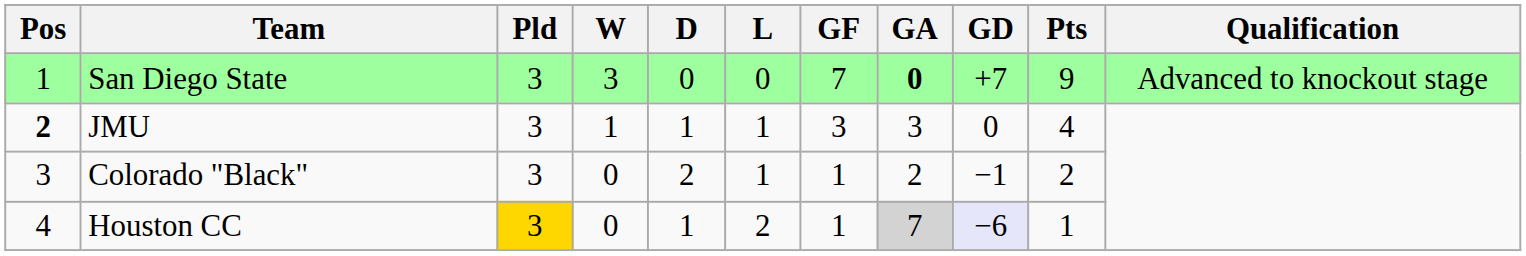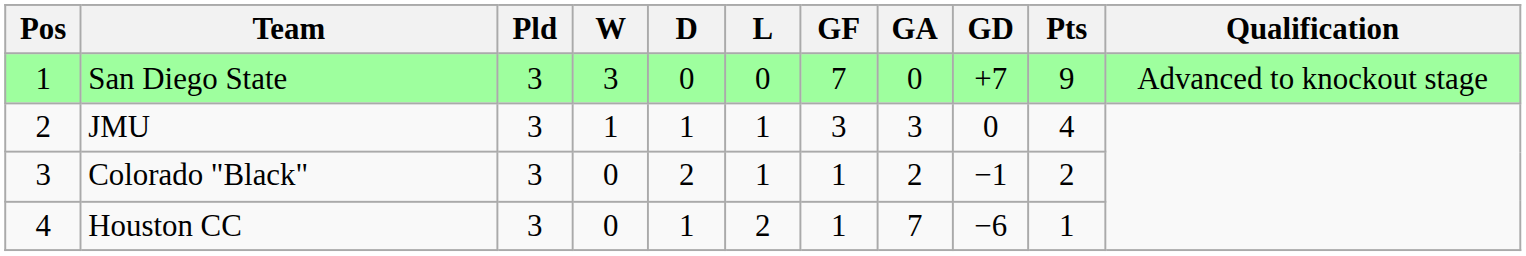 <table class="wikitable" style="text-align:center; margin: 1em auto">
 <tr>
 <th style="width:2em">Pos</th>
 <th style="width:13em">Team</th>
 <th style="width:2em">Pld</th>
 <th style="width:2em">W</th>
 <th style="width:2em">D</th>
 <th style="width:2em">L</th>
 <th style="width:2em">GF</th>
 <th style="width:2em">GA</th>
 <th style="width:2em">GD</th>
 <th style="width:2em">Pts</th>
 <th style="width:13em">Qualification</th>
 </tr>
 <tr bgcolor="#9eff9e">
 <td>1</td>
 <td style="text-align:left">San Diego State</td>
 <td>3</td>
 <td>3</td>
 <td>0</td>
 <td>0</td>
 <td>7</td>
-<td><strong>0</strong></td>
+<td>0</td>
 <td>+7</td>
 <td>9</td>
 <td>Advanced to knockout stage</td>
 </tr>
 <tr>
-<td><strong>2</strong></td>
+<td>2</td>
 <td style="text-align:left">JMU</td>
 <td>3</td>
 <td>1</td>
 <td>1</td>
 <td>1</td>
 <td>3</td>
 <td>3</td>
 <td>0</td>
 <td>4</td>
 </tr>
 <tr>
 <td>3</td>
 <td style="text-align:left">Colorado "Black"</td>
 <td>3</td>
 <td>0</td>
 <td>2</td>
 <td>1</td>
 <td>1</td>
 <td>2</td>
 <td>−1</td>
 <td>2</td>
 </tr>
 <tr>
 <td>4</td>
 <td style="text-align:left">Houston CC</td>
-<td style="background: gold;">3</td>
+<td>3</td>
 <td>0</td>
 <td>1</td>
 <td>2</td>
 <td>1</td>
-<td style="background: lightgrey;">7</td>
-<td style="background: lavender;">−6</td>
+<td>7</td>
+<td>−6</td>
 <td>1</td>
 </tr>
 </table>
